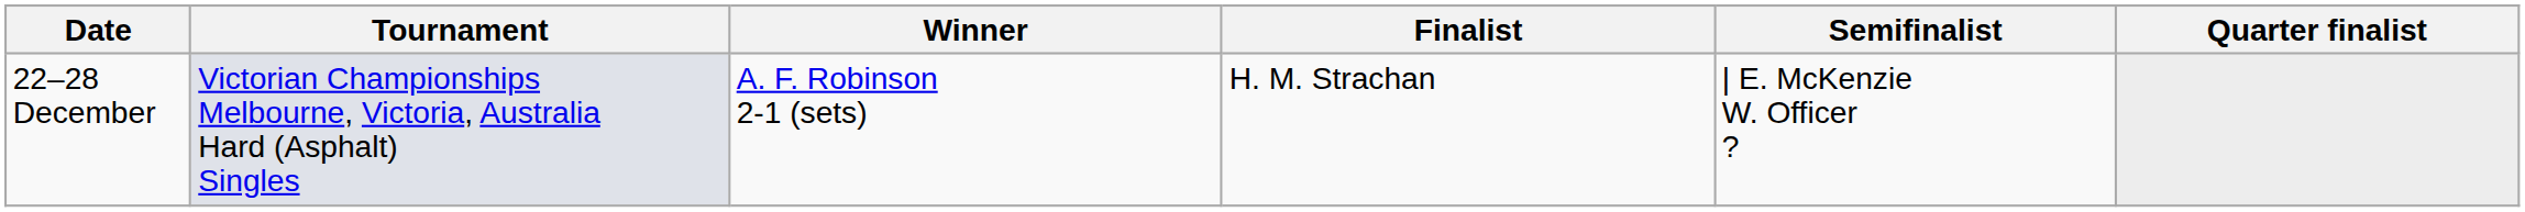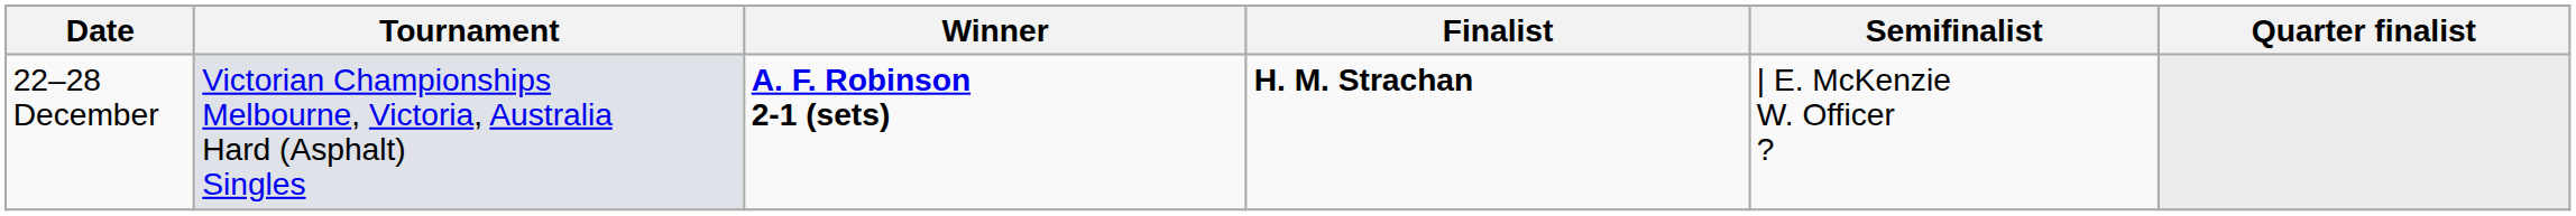 <table class="wikitable" style="font-size:85%;">
 <tr>
 <th width="75">Date</th>
 <th width="230">Tournament</th>
 <th width="210">Winner</th>
 <th width="210">Finalist</th>
 <th width="170">Semifinalist</th>
 <th width="170">Quarter finalist</th>
 </tr>
 <tr valign=top>
 <td rowspan=2>22–28 December</td>
 <td style="background:#dfe2e9" rowspan=2><a href='#'>Victorian Championships</a><br><a href='#'>Melbourne</a>, <a href='#'>Victoria</a>, <a href='#'>Australia</a><br>Hard (Asphalt) <br><a href='#'>Singles</a></td>
-<td> <a href='#'>A. F. Robinson</a> <br>2-1 (sets)</td>
-<td> H. M. Strachan</td>
+<td><strong> <a href='#'>A. F. Robinson</a> <br>2-1 (sets)</strong></td>
+<td><strong> H. M. Strachan</strong></td>
 <td rowspan=2>| E. McKenzie<br>  W. Officer<br> ?</td>
 <td style="background:#ededed;" rowspan=2></td>
 </tr>
 </table>
